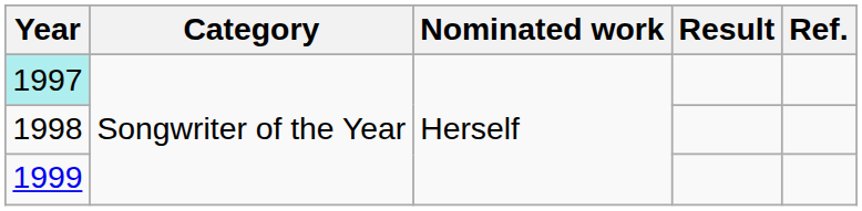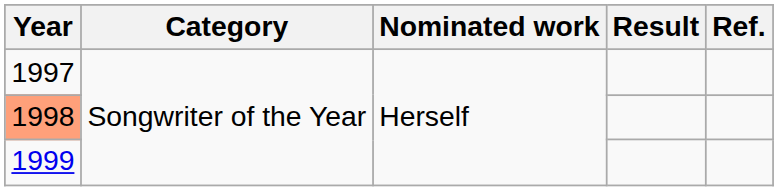 <table class="wikitable">
 <tr>
 <th>Year</th>
 <th>Category</th>
 <th>Nominated work</th>
 <th>Result</th>
 <th>Ref.</th>
 </tr>
 <tr>
-<td style="background: paleturquoise;">1997</td>
+<td>1997</td>
 <td rowspan="3">Songwriter of the Year</td>
 <td rowspan="3">Herself</td>
 <td></td>
 <td align="center"></td>
 </tr>
 <tr>
-<td>1998</td>
+<td style="background: lightsalmon;">1998</td>
 <td></td>
 <td align="center"></td>
 </tr>
 <tr>
 <td><a href='#'>1999</a></td>
 <td></td>
 <td align="center"></td>
 </tr>
 </table>
